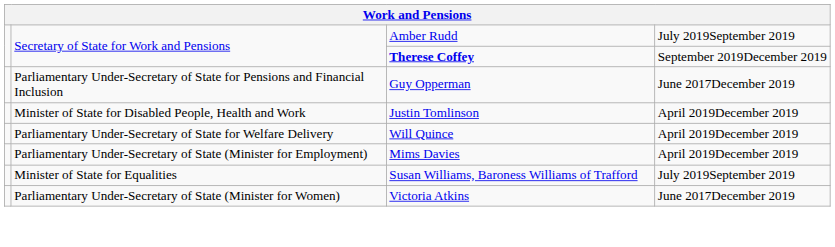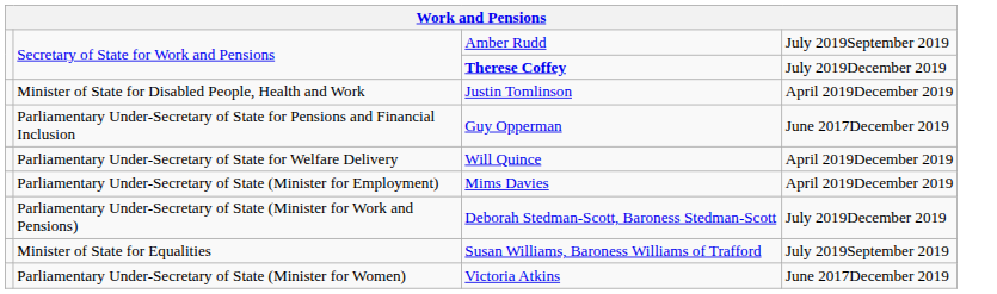 <table class="wikitable">
 <tr>
 <th colspan="4"><a href='#'>Work and Pensions</a></th>
 </tr>
 <tr>
 <td rowspan=2 style="width: 1px; background: "></td>
 <td rowspan=2 style="width: 450px;"><a href='#'>Secretary of State for Work and Pensions</a></td>
 <td style="width: 320px;"><a href='#'>Amber Rudd</a> <br></td>
 <td>July 2019September 2019</td>
 </tr>
 <tr>
 <td><strong><a href='#'>Therese Coffey</a></strong></td>
-<td>September 2019December 2019</td>
+<td>July 2019December 2019</td>
+</tr>
+<tr>
+<td style="width: 1px; background: "></td>
+<td style="width: 450px;">Minister of State for Disabled People, Health and Work</td>
+<td style="width: 320px;"><a href='#'>Justin Tomlinson</a></td>
+<td>April 2019December 2019</td>
 </tr>
 <tr>
 <td style="width: 1px; background: "></td>
 <td style="width: 450px;">Parliamentary Under-Secretary of State for Pensions and Financial Inclusion</td>
 <td style="width: 320px;"><a href='#'>Guy Opperman</a></td>
 <td>June 2017December 2019</td>
-</tr>
-<tr>
-<td style="width: 1px; background: "></td>
-<td style="width: 450px;">Minister of State for Disabled People, Health and Work</td>
-<td style="width: 320px;"><a href='#'>Justin Tomlinson</a></td>
-<td>April 2019December 2019</td>
 </tr>
 <tr>
 <td style="width: 1px; background: "></td>
 <td style="width: 450px;">Parliamentary Under-Secretary of State for Welfare Delivery</td>
 <td style="width: 320px;"><a href='#'>Will Quince</a></td>
 <td>April 2019December 2019</td>
 </tr>
 <tr>
 <td style="width: 1px; background: "></td>
 <td>Parliamentary Under-Secretary of State (Minister for Employment)</td>
 <td><a href='#'>Mims Davies</a></td>
 <td>April 2019December 2019</td>
 </tr>
 <tr>
 <td style="width: 1px; background: "></td>
+<td style="width: 450px;">Parliamentary Under-Secretary of State (Minister for Work and Pensions)</td>
+<td style="width: 320px;"><a href='#'>Deborah Stedman-Scott, Baroness Stedman-Scott</a></td>
+<td>July 2019December 2019</td>
+</tr>
+<tr>
+<td style="width: 1px; background: "></td>
 <td style="width: 450px;">Minister of State for Equalities</td>
 <td style="width: 320px;"><a href='#'>Susan Williams, Baroness Williams of Trafford</a><br></td>
 <td>July 2019September 2019</td>
 </tr>
 <tr>
 <td style="width: 1px; background: "></td>
 <td style="width: 450px;">Parliamentary Under-Secretary of State (Minister for Women)</td>
 <td style="width: 320px;"><a href='#'>Victoria Atkins</a> <br></td>
 <td>June 2017December 2019</td>
 </tr>
 </table>
